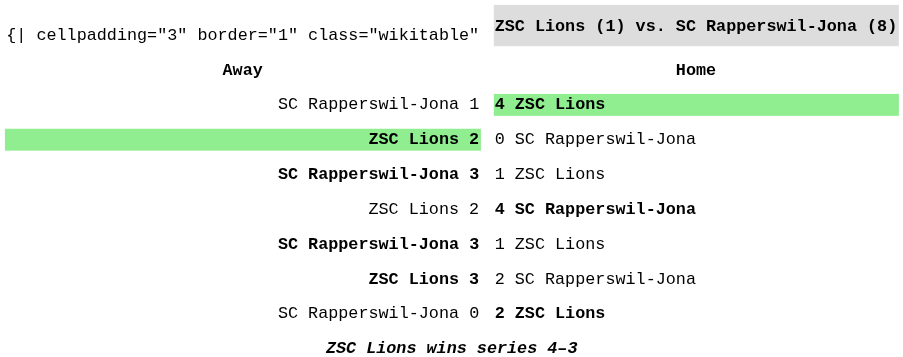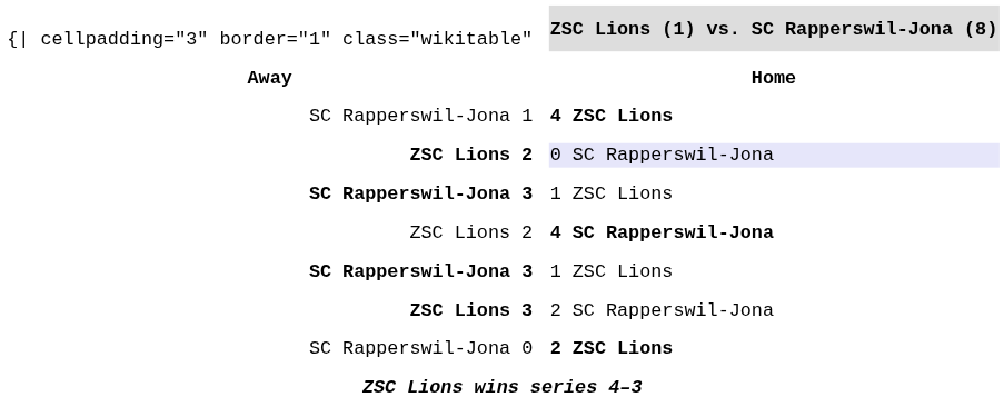 <table cellspacing="10">
 <tr>
 <td valign="top"><br>	{| cellpadding="3" border="1"  class="wikitable"</td>
 <th bgcolor="#DDDDDD" colspan="4">ZSC Lions (1) vs. SC Rapperswil-Jona (8)</th>
 </tr>
 <tr>
 <th>Away</th>
 <th>Home</th>
 </tr>
 <tr>
 <td align = "right">SC Rapperswil-Jona 1</td>
-<td style="background: lightgreen;"><strong>4 ZSC Lions</strong></td>
+<td><strong>4 ZSC Lions</strong></td>
 </tr>
 <tr>
-<td align = "right" style="background: lightgreen;"><strong>ZSC Lions 2</strong></td>
-<td>0 SC Rapperswil-Jona</td>
+<td align = "right"><strong>ZSC Lions 2</strong></td>
+<td style="background: lavender;">0 SC Rapperswil-Jona</td>
 </tr>
 <tr>
 <td align = "right"><strong>SC Rapperswil-Jona 3</strong></td>
 <td>1 ZSC Lions</td>
 </tr>
 <tr>
 <td align = "right">ZSC Lions 2</td>
 <td><strong>4 SC Rapperswil-Jona</strong></td>
 </tr>
 <tr>
 <td align = "right"><strong>SC Rapperswil-Jona 3</strong></td>
 <td>1 ZSC Lions</td>
 </tr>
 <tr>
 <td align = "right"><strong>ZSC Lions 3</strong></td>
 <td>2 SC Rapperswil-Jona</td>
 </tr>
 <tr>
 <td align = "right">SC Rapperswil-Jona 0</td>
 <td><strong>2 ZSC Lions</strong></td>
 </tr>
 <tr align="center">
 <td colspan="4"><strong><em>ZSC Lions wins series 4–3</em></strong></td>
 </tr>
 </table>
